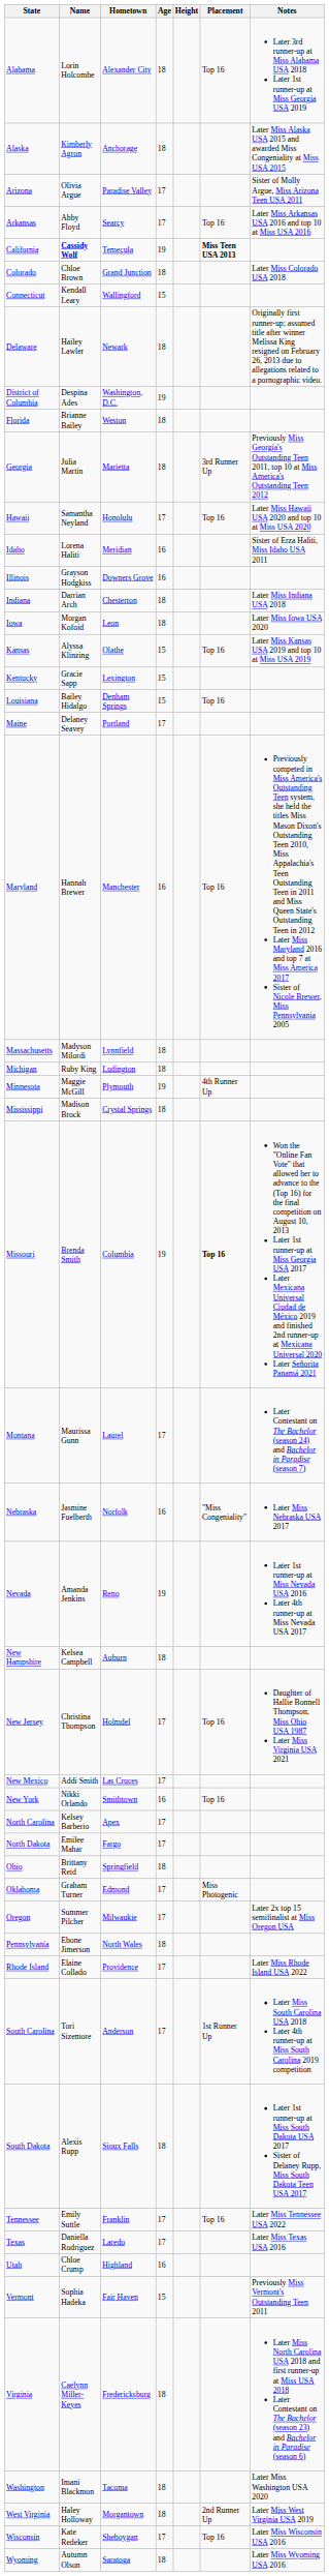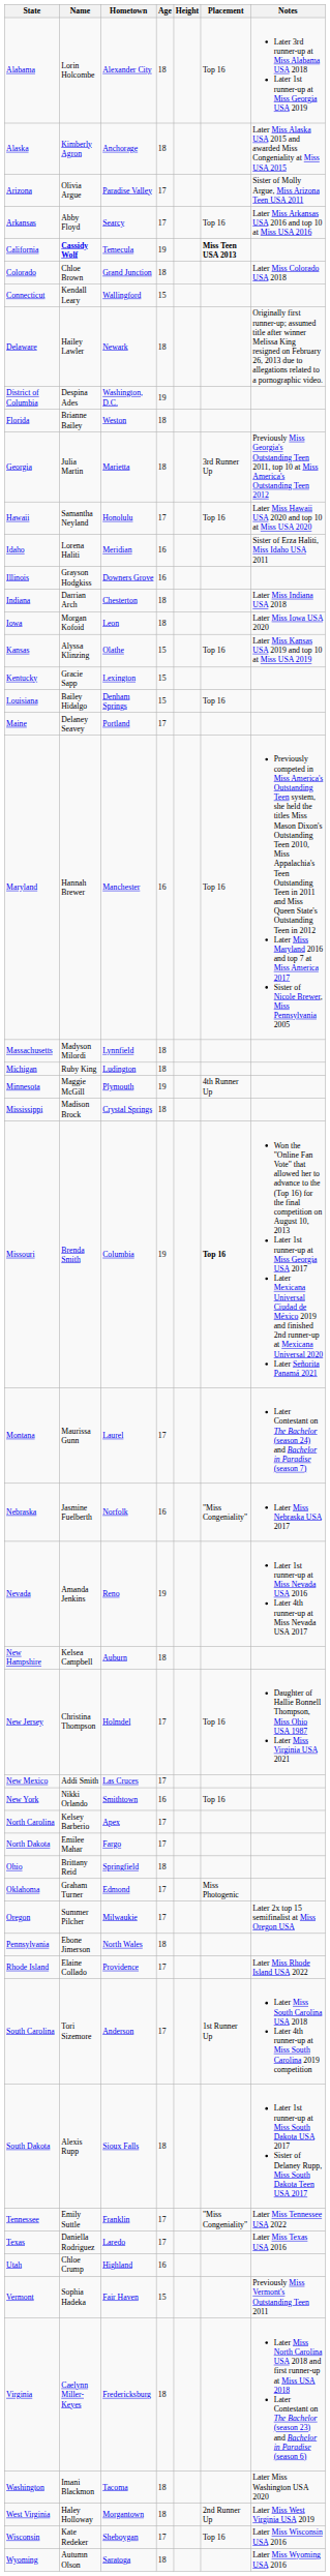 <table class="wikitable sortable" style="font-size:95%;">
 <tr>
 <th style="width:15%;">State</th>
 <th style="width:10%;">Name</th>
 <th style="width:10%;">Hometown</th>
 <th style="width:1%;">Age</th>
 <th style="width:1%;">Height</th>
 <th style="width:5%;">Placement</th>
 <th style="width:20%;">Notes</th>
 </tr>
 <tr>
 <td><a href='#'>Alabama</a></td>
 <td>Lorin Holcombe</td>
 <td><a href='#'>Alexander City</a></td>
 <td>18</td>
 <td></td>
 <td>Top 16</td>
 <td><br><ul><li>Later 3rd runner-up at <a href='#'>Miss Alabama USA</a> 2018</li><li>Later 1st runner-up at <a href='#'>Miss Georgia USA</a> 2019</li></ul></td>
 </tr>
 <tr>
 <td><a href='#'>Alaska</a></td>
 <td><a href='#'>Kimberly Agron</a></td>
 <td><a href='#'>Anchorage</a></td>
 <td>18</td>
 <td></td>
 <td></td>
 <td>Later <a href='#'>Miss Alaska USA</a> 2015 and awarded Miss Congeniality at <a href='#'>Miss USA 2015</a></td>
 </tr>
 <tr>
 <td><a href='#'>Arizona</a></td>
 <td>Olivia Argue</td>
 <td><a href='#'>Paradise Valley</a></td>
 <td>17</td>
 <td> </td>
 <td></td>
 <td>Sister of Molly Argue, <a href='#'>Miss Arizona Teen USA 2011</a></td>
 </tr>
 <tr>
 <td><a href='#'>Arkansas</a></td>
 <td>Abby Floyd</td>
 <td><a href='#'>Searcy</a></td>
 <td>17</td>
 <td></td>
 <td>Top 16</td>
 <td>Later <a href='#'>Miss Arkansas USA</a> 2016 and top 10 at <a href='#'>Miss USA 2016</a></td>
 </tr>
 <tr>
 <td><a href='#'>California</a></td>
 <td><strong><a href='#'>Cassidy Wolf</a></strong></td>
 <td><a href='#'>Temecula</a></td>
 <td>19</td>
 <td></td>
 <td><strong>Miss Teen USA 2013</strong></td>
 <td></td>
 </tr>
 <tr>
 <td><a href='#'>Colorado</a></td>
 <td>Chloe Brown</td>
 <td><a href='#'>Grand Junction</a></td>
 <td>18</td>
 <td></td>
 <td></td>
 <td>Later <a href='#'>Miss Colorado USA</a> 2018</td>
 </tr>
 <tr>
 <td><a href='#'>Connecticut</a></td>
 <td>Kendall Leary</td>
 <td><a href='#'>Wallingford</a></td>
 <td>15</td>
 <td></td>
 <td></td>
 <td></td>
 </tr>
 <tr>
 <td><a href='#'>Delaware</a></td>
 <td>Hailey Lawler</td>
 <td><a href='#'>Newark</a></td>
 <td>18</td>
 <td></td>
 <td></td>
 <td>Originally first runner-up; assumed title after winner Melissa King resigned on February 26, 2013 due to allegations related to a pornographic video.</td>
 </tr>
 <tr>
 <td><a href='#'>District of Columbia</a></td>
 <td>Despina Ades</td>
 <td><a href='#'>Washington, D.C.</a></td>
 <td>19</td>
 <td></td>
 <td></td>
 <td></td>
 </tr>
 <tr>
 <td><a href='#'>Florida</a></td>
 <td>Brianne Bailey</td>
 <td><a href='#'>Weston</a></td>
 <td>18</td>
 <td></td>
 <td></td>
 <td></td>
 </tr>
 <tr>
 <td><a href='#'>Georgia</a></td>
 <td>Julia Martin</td>
 <td><a href='#'>Marietta</a></td>
 <td>18</td>
 <td></td>
 <td>3rd Runner Up</td>
 <td>Previously <a href='#'>Miss Georgia's Outstanding Teen</a> 2011, top 10 at <a href='#'>Miss America's Outstanding Teen 2012</a></td>
 </tr>
 <tr>
 <td><a href='#'>Hawaii</a></td>
 <td>Samantha Neyland</td>
 <td><a href='#'>Honolulu</a></td>
 <td>17</td>
 <td></td>
 <td>Top 16</td>
 <td>Later <a href='#'>Miss Hawaii USA</a> 2020 and top 10 at <a href='#'>Miss USA 2020</a></td>
 </tr>
 <tr>
 <td><a href='#'>Idaho</a></td>
 <td>Lorena Haliti</td>
 <td><a href='#'>Meridian</a></td>
 <td>16</td>
 <td></td>
 <td></td>
 <td>Sister of Erza Haliti, <a href='#'>Miss Idaho USA</a> 2011</td>
 </tr>
 <tr>
 <td><a href='#'>Illinois</a></td>
 <td>Grayson Hodgkiss</td>
 <td><a href='#'>Downers Grove</a></td>
 <td>16</td>
 <td></td>
 <td></td>
 <td></td>
 </tr>
 <tr>
 <td><a href='#'>Indiana</a></td>
 <td>Darrian Arch</td>
 <td><a href='#'>Chesterton</a></td>
 <td>18</td>
 <td></td>
 <td></td>
 <td>Later <a href='#'>Miss Indiana USA</a> 2018</td>
 </tr>
 <tr>
 <td><a href='#'>Iowa</a></td>
 <td>Morgan Kofoid</td>
 <td><a href='#'>Leon</a></td>
 <td>18</td>
 <td></td>
 <td></td>
 <td>Later <a href='#'>Miss Iowa USA</a> 2020</td>
 </tr>
 <tr>
 <td><a href='#'>Kansas</a></td>
 <td>Alyssa Klinzing</td>
 <td><a href='#'>Olathe</a></td>
 <td>15</td>
 <td></td>
 <td>Top 16</td>
 <td>Later <a href='#'>Miss Kansas USA</a> 2019 and top 10 at <a href='#'>Miss USA 2019</a></td>
 </tr>
 <tr>
 <td><a href='#'>Kentucky</a></td>
 <td>Gracie Sapp</td>
 <td><a href='#'>Lexington</a></td>
 <td>15</td>
 <td></td>
 <td></td>
 <td></td>
 </tr>
 <tr>
 <td><a href='#'>Louisiana</a></td>
 <td>Bailey Hidalgo</td>
 <td><a href='#'>Denham Springs</a></td>
 <td>15</td>
 <td></td>
 <td>Top 16</td>
 <td></td>
 </tr>
 <tr>
 <td><a href='#'>Maine</a></td>
 <td>Delaney Seavey</td>
 <td><a href='#'>Portland</a></td>
 <td>17</td>
 <td></td>
 <td></td>
 <td></td>
 </tr>
 <tr>
 <td><a href='#'>Maryland</a></td>
 <td>Hannah Brewer</td>
 <td><a href='#'>Manchester</a></td>
 <td>16</td>
 <td></td>
 <td>Top 16</td>
 <td><br><ul><li>Previously competed in <a href='#'>Miss America's Outstanding Teen</a> system, she held the titles Miss Mason Dixon's Outstanding Teen 2010, Miss Appalachia's Teen Outstanding Teen in 2011 and Miss Queen State's Outstanding Teen in 2012</li><li>Later <a href='#'>Miss Maryland</a> 2016 and top 7 at <a href='#'>Miss America 2017</a></li><li>Sister of <a href='#'>Nicole Brewer</a>, <a href='#'>Miss Pennsylvania</a> 2005</li></ul></td>
 </tr>
 <tr>
 <td><a href='#'>Massachusetts</a></td>
 <td>Madyson Milordi</td>
 <td><a href='#'>Lynnfield</a></td>
 <td>18</td>
 <td></td>
 <td></td>
 <td></td>
 </tr>
 <tr>
 <td><a href='#'>Michigan</a></td>
 <td>Ruby King</td>
 <td><a href='#'>Ludington</a></td>
 <td>18</td>
 <td></td>
 <td></td>
 <td></td>
 </tr>
 <tr>
 <td><a href='#'>Minnesota</a></td>
 <td>Maggie McGill</td>
 <td><a href='#'>Plymouth</a></td>
 <td>19</td>
 <td></td>
 <td>4th Runner Up</td>
 <td></td>
 </tr>
 <tr>
 <td><a href='#'>Mississippi</a></td>
 <td>Madison Brock</td>
 <td><a href='#'>Crystal Springs</a></td>
 <td>18</td>
 <td></td>
 <td></td>
 <td></td>
 </tr>
 <tr>
 <td><a href='#'>Missouri</a></td>
 <td><a href='#'>Brenda Smith</a></td>
 <td><a href='#'>Columbia</a></td>
 <td>19</td>
 <td></td>
 <td><strong>Top 16</strong></td>
 <td><br><ul><li>Won the "Online Fan Vote" that allowed her to advance to the (Top 16) for the final competition on August 10, 2013</li><li>Later 1st runner-up at <a href='#'>Miss Georgia USA</a> 2017</li><li>Later <a href='#'>Mexicana Universal Ciudad de México</a> 2019 and finished 2nd runner-up at <a href='#'>Mexicana Universal 2020</a></li><li>Later <a href='#'>Señorita Panamá 2021</a></li></ul></td>
 </tr>
 <tr>
 <td><a href='#'>Montana</a></td>
 <td>Maurissa Gunn</td>
 <td><a href='#'>Laurel</a></td>
 <td>17</td>
 <td></td>
 <td></td>
 <td><br><ul><li>Later Contestant on <a href='#'><em>The Bachelor</em> (season 24)</a> and <a href='#'><em>Bachelor in Paradise</em> (season 7)</a></li></ul></td>
 </tr>
 <tr>
 <td><a href='#'>Nebraska</a></td>
 <td>Jasmine Fuelberth</td>
 <td><a href='#'>Norfolk</a></td>
 <td>16</td>
 <td></td>
 <td>"Miss Congeniality"</td>
 <td><br><ul><li>Later <a href='#'>Miss Nebraska USA</a> 2017</li></ul></td>
 </tr>
 <tr>
 <td><a href='#'>Nevada</a></td>
 <td>Amanda Jenkins</td>
 <td><a href='#'>Reno</a></td>
 <td>19</td>
 <td></td>
 <td></td>
 <td><br><ul><li>Later 1st runner-up at <a href='#'>Miss Nevada USA</a> 2016</li><li>Later 4th runner-up at Miss Nevada USA 2017</li></ul></td>
 </tr>
 <tr>
 <td><a href='#'>New Hampshire</a></td>
 <td>Kelsea Campbell</td>
 <td><a href='#'>Auburn</a></td>
 <td>18</td>
 <td></td>
 <td></td>
 <td></td>
 </tr>
 <tr>
 <td><a href='#'>New Jersey</a></td>
 <td>Christina Thompson</td>
 <td><a href='#'>Holmdel</a></td>
 <td>17</td>
 <td></td>
 <td>Top 16</td>
 <td><br><ul><li>Daughter of Hallie Bonnell Thompson, <a href='#'>Miss Ohio USA 1987</a></li><li>Later <a href='#'>Miss Virginia USA</a> 2021</li></ul></td>
 </tr>
 <tr>
 <td><a href='#'>New Mexico</a></td>
 <td>Addi Smith</td>
 <td><a href='#'>Las Cruces</a></td>
 <td>17</td>
 <td></td>
 <td></td>
 <td></td>
 </tr>
 <tr>
 <td><a href='#'>New York</a></td>
 <td>Nikki Orlando</td>
 <td><a href='#'>Smithtown</a></td>
 <td>16</td>
 <td></td>
 <td>Top 16</td>
 <td></td>
 </tr>
 <tr>
 <td><a href='#'>North Carolina</a></td>
 <td>Kelsey Barberio</td>
 <td><a href='#'>Apex</a></td>
 <td>17</td>
 <td></td>
 <td></td>
 <td></td>
 </tr>
 <tr>
 <td><a href='#'>North Dakota</a></td>
 <td>Emilee Mahar</td>
 <td><a href='#'>Fargo</a></td>
 <td>17</td>
 <td></td>
 <td></td>
 <td></td>
 </tr>
 <tr>
 <td><a href='#'>Ohio</a></td>
 <td>Brittany Reid</td>
 <td><a href='#'>Springfield</a></td>
 <td>18</td>
 <td></td>
 <td></td>
 <td></td>
 </tr>
 <tr>
 <td><a href='#'>Oklahoma</a></td>
 <td>Graham Turner</td>
 <td><a href='#'>Edmond</a></td>
 <td>17</td>
 <td></td>
 <td>Miss Photogenic</td>
 <td></td>
 </tr>
 <tr>
 <td><a href='#'>Oregon</a></td>
 <td>Summer Pilcher</td>
 <td><a href='#'>Milwaukie</a></td>
 <td>17</td>
 <td></td>
 <td></td>
 <td>Later 2x top 15 semifinalist at <a href='#'>Miss Oregon USA</a></td>
 </tr>
 <tr>
 <td><a href='#'>Pennsylvania</a></td>
 <td>Ebone Jimerson</td>
 <td><a href='#'>North Wales</a></td>
 <td>18</td>
 <td></td>
 <td></td>
 <td></td>
 </tr>
 <tr>
 <td><a href='#'>Rhode Island</a></td>
 <td>Elaine Collado</td>
 <td><a href='#'>Providence</a></td>
 <td>17</td>
 <td></td>
 <td></td>
 <td>Later <a href='#'>Miss Rhode Island USA</a> 2022</td>
 </tr>
 <tr>
 <td><a href='#'>South Carolina</a></td>
 <td>Tori Sizemore</td>
 <td><a href='#'>Anderson</a></td>
 <td>17</td>
 <td></td>
 <td>1st Runner Up</td>
 <td><br><ul><li>Later <a href='#'>Miss South Carolina USA</a> 2018</li><li>Later 4th runner-up at <a href='#'>Miss South Carolina</a> 2019 competition</li></ul></td>
 </tr>
 <tr>
 <td><a href='#'>South Dakota</a></td>
 <td>Alexis Rupp</td>
 <td><a href='#'>Sioux Falls</a></td>
 <td>18</td>
 <td></td>
 <td></td>
 <td><br><ul><li>Later 1st runner-up at <a href='#'>Miss South Dakota USA</a> 2017</li><li>Sister of Delaney Rupp, <a href='#'>Miss South Dakota Teen USA 2017</a></li></ul></td>
 </tr>
 <tr>
 <td><a href='#'>Tennessee</a></td>
 <td>Emily Suttle</td>
 <td><a href='#'>Franklin</a></td>
 <td>17</td>
 <td></td>
-<td>Top 16</td>
+<td>"Miss Congeniality"</td>
 <td>Later <a href='#'>Miss Tennessee USA</a> 2022</td>
 </tr>
 <tr>
 <td><a href='#'>Texas</a></td>
 <td>Daniella Rodriguez</td>
 <td><a href='#'>Laredo</a></td>
 <td>17</td>
 <td></td>
 <td></td>
 <td>Later <a href='#'>Miss Texas USA</a> 2016</td>
 </tr>
 <tr>
 <td><a href='#'>Utah</a></td>
 <td>Chloe Crump</td>
 <td><a href='#'>Highland</a></td>
 <td>16</td>
 <td></td>
 <td></td>
 <td></td>
 </tr>
 <tr>
 <td><a href='#'>Vermont</a></td>
 <td>Sophia Hadeka</td>
 <td><a href='#'>Fair Haven</a></td>
 <td>15</td>
 <td></td>
 <td></td>
 <td>Previously <a href='#'>Miss Vermont's Outstanding Teen</a> 2011</td>
 </tr>
 <tr>
 <td><a href='#'>Virginia</a></td>
 <td><a href='#'>Caelynn Miller-Keyes</a></td>
 <td><a href='#'>Fredericksburg</a></td>
 <td>18</td>
 <td></td>
 <td></td>
 <td><br><ul><li>Later <a href='#'>Miss North Carolina USA</a> 2018 and first runner-up at <a href='#'>Miss USA 2018</a></li><li>Later Contestant on <a href='#'><em>The Bachelor</em> (season 23)</a> and <a href='#'><em>Bachelor in Paradise</em> (season 6)</a></li></ul></td>
 </tr>
 <tr>
 <td><a href='#'>Washington</a></td>
 <td>Imani Blackmon</td>
 <td><a href='#'>Tacoma</a></td>
 <td>18</td>
 <td></td>
 <td></td>
 <td>Later Miss Washington USA 2020</td>
 </tr>
 <tr>
 <td><a href='#'>West Virginia</a></td>
 <td>Haley Holloway</td>
 <td><a href='#'>Morgantown</a></td>
 <td>18</td>
 <td></td>
 <td>2nd Runner Up</td>
 <td>Later <a href='#'>Miss West Virginia USA</a> 2019</td>
 </tr>
 <tr>
 <td><a href='#'>Wisconsin</a></td>
 <td>Kate Redeker</td>
 <td><a href='#'>Sheboygan</a></td>
 <td>17</td>
 <td></td>
 <td>Top 16</td>
 <td>Later <a href='#'>Miss Wisconsin USA</a> 2016</td>
 </tr>
 <tr>
 <td><a href='#'>Wyoming</a></td>
 <td>Autumn Olson</td>
 <td><a href='#'>Saratoga</a></td>
 <td>18</td>
 <td></td>
 <td></td>
 <td>Later <a href='#'>Miss Wyoming USA</a> 2016</td>
 </tr>
 </table>
